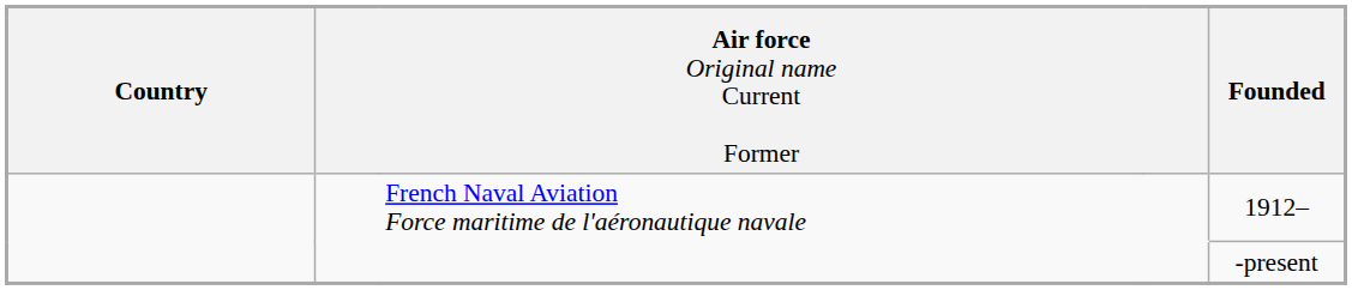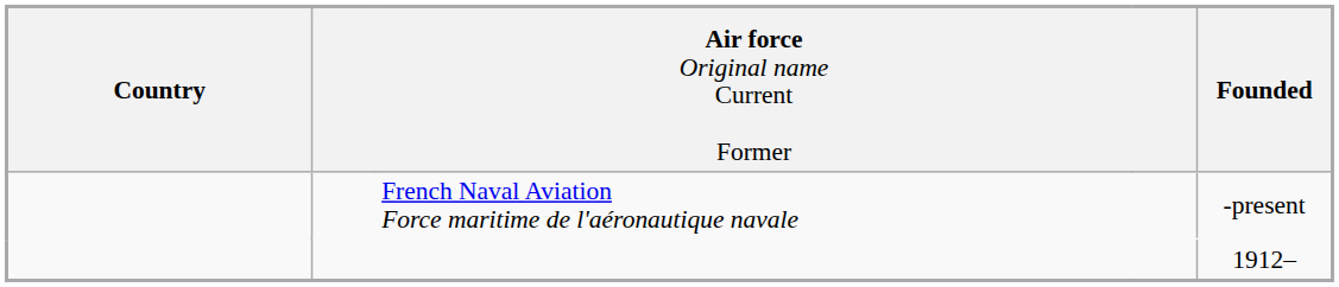 <table width="85%" class="wikitable" style="border:2px solid darkgrey; line-height:12pt; font-size:90%;">
 <tr>
 <th rowspan="2" style="width:165px; border-bottom:none;">Country</th>
 <th style="width:30px; border-bottom:none; border-right:none;"></th>
 <th style="border-bottom:none; border-left:none; border-right:none;"></th>
 <th style="width:30px; border-bottom:none; border-left:none;"></th>
 <th rowspan="2" style="width:70px; border-bottom:none;">Founded</th>
 </tr>
 <tr>
 <th colspan="3" style="border-top:none;font-weight:normal;"><strong>Air force</strong><br><em>Original name</em><div>Current</div><br><div>Former</div></th>
 </tr>
 <tr ------------------------------------------------------style="border-top:solid #aaa 2px">
 <td rowspan="2"></td>
 <td style="border-right:solid #f9f9f9 1px;border-bottom:solid #f9f9f9 1px"></td>
 <td align="left" style="border-right:solid #f9f9f9 1px;border-bottom:solid #f9f9f9 1px"><a href='#'>French Naval Aviation</a><br> <em>Force maritime de l'aéronautique navale</em></td>
 <td style="border-bottom:solid #f9f9f9 1px"></td>
-<td align="center">1912–</td>
+<td align="center" style="border-bottom:solid #f9f9f9 1px">-present</td>
 </tr>
 <tr --->
 <td style="border-right:solid #f9f9f9 1px"></td>
 <td align="right" style="border-right:solid #f9f9f9 1px"></td>
 <td></td>
-<td align="center" style="border-bottom:solid #f9f9f9 1px">-present</td>
+<td align="center">1912–</td>
 </tr>
 </table>
